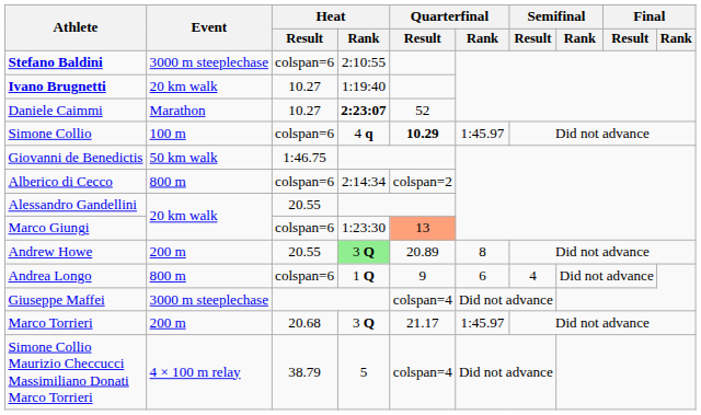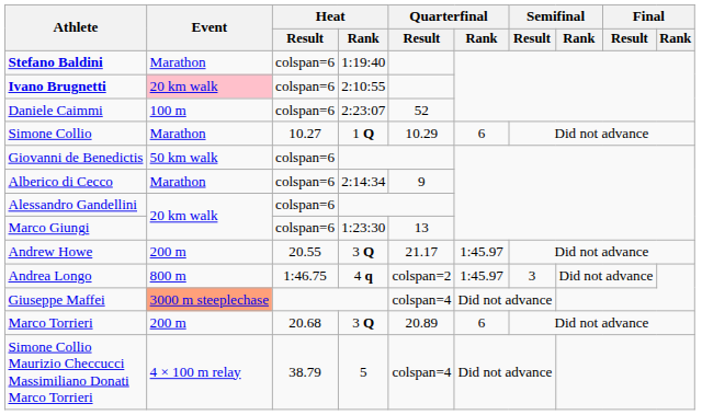 <table class=wikitable style="font-size:90%">
 <tr>
 <th rowspan="2">Athlete</th>
 <th rowspan="2">Event</th>
 <th colspan="2">Heat</th>
 <th colspan="2">Quarterfinal</th>
 <th colspan="2">Semifinal</th>
 <th colspan="2">Final</th>
 </tr>
 <tr style="font-size:95%">
 <th>Result</th>
 <th>Rank</th>
 <th>Result</th>
 <th>Rank</th>
 <th>Result</th>
 <th>Rank</th>
 <th>Result</th>
 <th>Rank</th>
 </tr>
 <tr align=center>
 <td align=left><strong><a href='#'>Stefano Baldini</a></strong></td>
-<td align=left><a href='#'>3000 m steeplechase</a></td>
+<td align=left><a href='#'>Marathon</a></td>
+<td>colspan=6 </td>
+<td>1:19:40</td>
+<td></td>
+</tr>
+<tr align=center>
+<td align=left><strong><a href='#'>Ivano Brugnetti</a></strong></td>
+<td align=left style="background: pink;"><a href='#'>20 km walk</a></td>
 <td>colspan=6 </td>
 <td>2:10:55</td>
 <td></td>
 </tr>
 <tr align=center>
-<td align=left><strong><a href='#'>Ivano Brugnetti</a></strong></td>
-<td align=left><a href='#'>20 km walk</a></td>
-<td>10.27</td>
-<td>1:19:40</td>
-<td></td>
-</tr>
-<tr align=center>
 <td align=left><a href='#'>Daniele Caimmi</a></td>
-<td align=left><a href='#'>Marathon</a></td>
-<td>10.27</td>
-<td><strong>2:23:07</strong></td>
+<td align=left><a href='#'>100 m</a></td>
+<td>colspan=6 </td>
+<td>2:23:07</td>
 <td>52</td>
 </tr>
 <tr align=center>
 <td align=left><a href='#'>Simone Collio</a></td>
-<td align=left><a href='#'>100 m</a></td>
-<td>colspan=6 </td>
-<td>4 <strong>q</strong></td>
-<td><strong>10.29</strong></td>
-<td>1:45.97</td>
+<td align=left><a href='#'>Marathon</a></td>
+<td>10.27</td>
+<td>1 <strong>Q</strong></td>
+<td>10.29</td>
+<td>6</td>
 <td colspan=4>Did not advance</td>
 </tr>
 <tr align=center>
 <td align=left><a href='#'>Giovanni de Benedictis</a></td>
 <td align=left><a href='#'>50 km walk</a></td>
-<td>1:46.75</td>
+<td>colspan=6 </td>
 <td colspan=2></td>
 </tr>
 <tr align=center>
 <td align=left><a href='#'>Alberico di Cecco</a></td>
-<td align=left><a href='#'>800 m</a></td>
+<td align=left><a href='#'>Marathon</a></td>
 <td>colspan=6 </td>
 <td>2:14:34</td>
-<td>colspan=2 </td>
+<td>9</td>
 </tr>
 <tr align=center>
 <td align=left><a href='#'>Alessandro Gandellini</a></td>
 <td align=left rowspan=2><a href='#'>20 km walk</a></td>
-<td>20.55</td>
+<td>colspan=6 </td>
 <td colspan=2></td>
 </tr>
 <tr align=center>
 <td align=left><a href='#'>Marco Giungi</a></td>
 <td>colspan=6 </td>
 <td>1:23:30</td>
-<td style="background: lightsalmon;">13</td>
+<td>13</td>
 </tr>
 <tr align=center>
 <td align=left><a href='#'>Andrew Howe</a></td>
 <td align=left><a href='#'>200 m</a></td>
 <td>20.55</td>
-<td style="background: lightgreen;">3 <strong>Q</strong></td>
-<td>20.89</td>
-<td>8</td>
+<td>3 <strong>Q</strong></td>
+<td>21.17</td>
+<td>1:45.97</td>
 <td colspan=4>Did not advance</td>
 </tr>
 <tr align=center>
 <td align=left><a href='#'>Andrea Longo</a></td>
 <td align=left><a href='#'>800 m</a></td>
-<td>colspan=6 </td>
-<td>1 <strong>Q</strong></td>
-<td>9</td>
-<td>6</td>
-<td>4</td>
+<td>1:46.75</td>
+<td>4 <strong>q</strong></td>
+<td>colspan=2 </td>
+<td>1:45.97</td>
+<td>3</td>
 <td colspan=2>Did not advance</td>
 </tr>
 <tr align=center>
 <td align=left><a href='#'>Giuseppe Maffei</a></td>
-<td align=left><a href='#'>3000 m steeplechase</a></td>
+<td align=left style="background: lightsalmon;"><a href='#'>3000 m steeplechase</a></td>
 <td colspan=2></td>
 <td>colspan=4 </td>
 <td colspan=2>Did not advance</td>
 </tr>
 <tr align=center>
 <td align=left><a href='#'>Marco Torrieri</a></td>
 <td align=left><a href='#'>200 m</a></td>
 <td>20.68</td>
 <td>3 <strong>Q</strong></td>
-<td>21.17</td>
-<td>1:45.97</td>
+<td>20.89</td>
+<td>6</td>
 <td colspan=4>Did not advance</td>
 </tr>
 <tr align=center>
 <td align=left><a href='#'>Simone Collio</a><br><a href='#'>Maurizio Checcucci</a><br><a href='#'>Massimiliano Donati</a><br><a href='#'>Marco Torrieri</a></td>
 <td align=left><a href='#'>4 × 100 m relay</a></td>
 <td>38.79</td>
 <td>5</td>
 <td>colspan=4 </td>
 <td colspan=2>Did not advance</td>
 </tr>
 </table>
